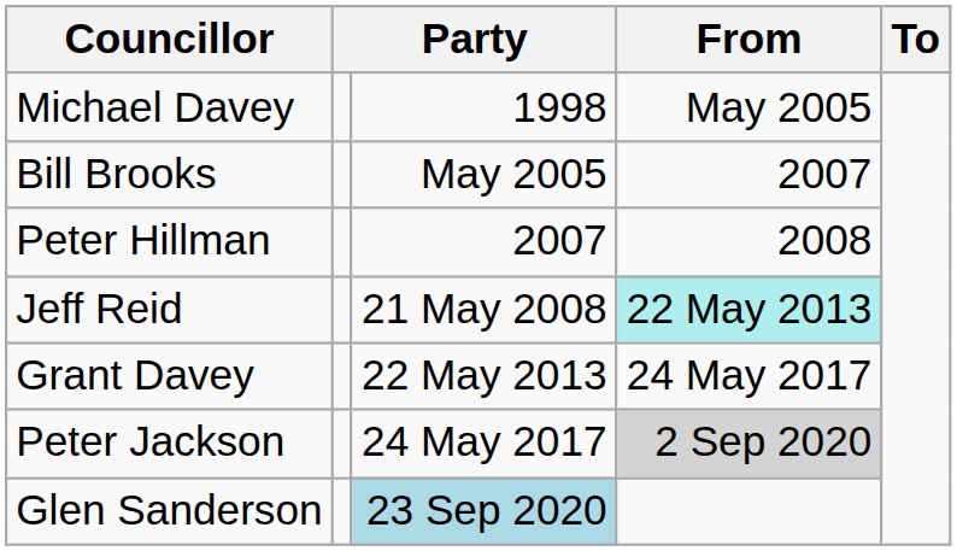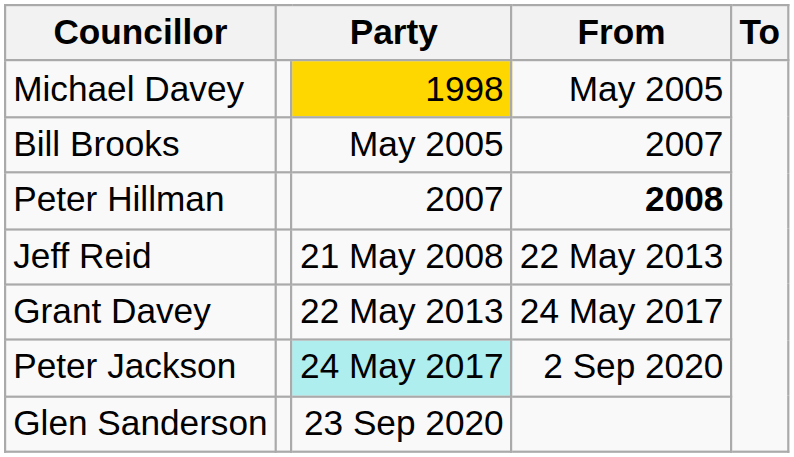 <table class=wikitable>
 <tr>
 <th>Councillor</th>
 <th colspan=2>Party</th>
 <th>From</th>
 <th>To</th>
 </tr>
 <tr>
 <td>Michael Davey</td>
 <td></td>
-<td align=right>1998</td>
+<td align=right style="background: gold;">1998</td>
 <td align=right>May 2005</td>
 </tr>
 <tr>
 <td>Bill Brooks</td>
 <td></td>
 <td align=right>May 2005</td>
 <td align=right>2007</td>
 </tr>
 <tr>
 <td>Peter Hillman</td>
 <td></td>
 <td align=right>2007</td>
-<td align=right>2008</td>
+<td align=right><strong>2008</strong></td>
 </tr>
 <tr>
 <td>Jeff Reid</td>
 <td></td>
 <td align=right>21 May 2008</td>
-<td align=right style="background: paleturquoise;">22 May 2013</td>
+<td align=right>22 May 2013</td>
 </tr>
 <tr>
 <td>Grant Davey</td>
 <td></td>
 <td align=right>22 May 2013</td>
 <td align=right>24 May 2017</td>
 </tr>
 <tr>
 <td>Peter Jackson</td>
 <td></td>
-<td align=right>24 May 2017</td>
-<td align=right style="background: lightgrey;">2 Sep 2020</td>
+<td align=right style="background: paleturquoise;">24 May 2017</td>
+<td align=right>2 Sep 2020</td>
 </tr>
 <tr>
 <td>Glen Sanderson</td>
 <td></td>
-<td align=right style="background: lightblue;">23 Sep 2020</td>
+<td align=right>23 Sep 2020</td>
 <td align=right></td>
 </tr>
 </table>
